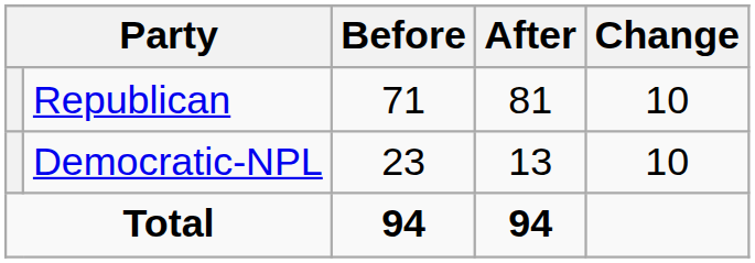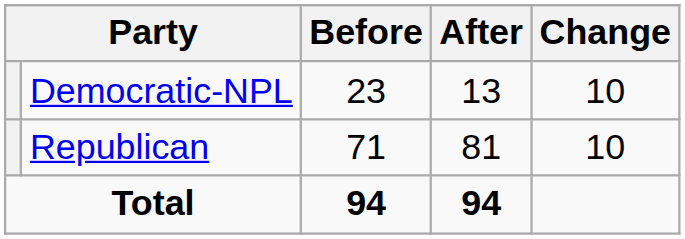 <table class="wikitable" style="text-align:center;">
 <tr>
 </tr>
 <tr>
 <th colspan=2>Party</th>
 <th>Before</th>
 <th>After</th>
 <th>Change</th>
 </tr>
 <tr>
 <th style="background-color:"></th>
-<td style="text-align:left;"><a href='#'>Republican</a></td>
-<td>71</td>
-<td>81</td>
+<td style="text-align:left;"><a href='#'>Democratic-NPL</a></td>
+<td>23</td>
+<td>13</td>
 <td> 10</td>
 </tr>
 <tr>
 <th style="background-color:"></th>
-<td style="text-align:left;"><a href='#'>Democratic-NPL</a></td>
-<td>23</td>
-<td>13</td>
+<td style="text-align:left;"><a href='#'>Republican</a></td>
+<td>71</td>
+<td>81</td>
 <td> 10</td>
 </tr>
 <tr>
 <td colspan=2><strong>Total</strong></td>
 <td><strong>94</strong></td>
 <td><strong>94</strong></td>
 <td></td>
 </tr>
 </table>
